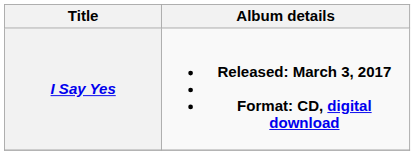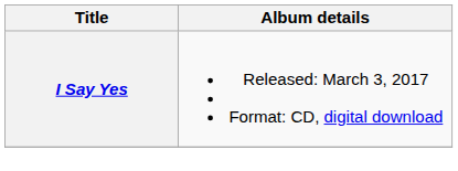 <table class="wikitable plainrowheaders" style="text-align:center;">
 <tr>
 <th scope="col" style="width:10em;">Title</th>
 <th scope="col" style="width:16em;">Album details</th>
 </tr>
 <tr>
 <th scope="row"><em><a href='#'>I Say Yes</a></em></th>
-<td><strong><br><ul><li>Released: March 3, 2017</li><li></li><li>Format: CD, <a href='#'>digital download</a></li></ul></strong></td>
+<td><br><ul><li>Released: March 3, 2017</li><li></li><li>Format: CD, <a href='#'>digital download</a></li></ul></td>
 </tr>
 <tr>
 </tr>
 </table>
